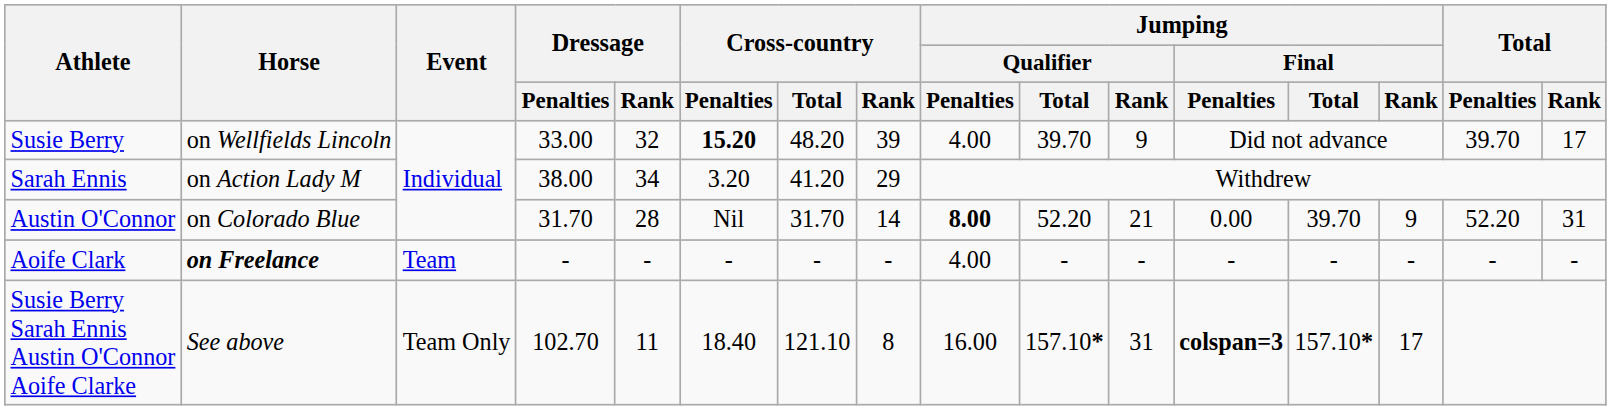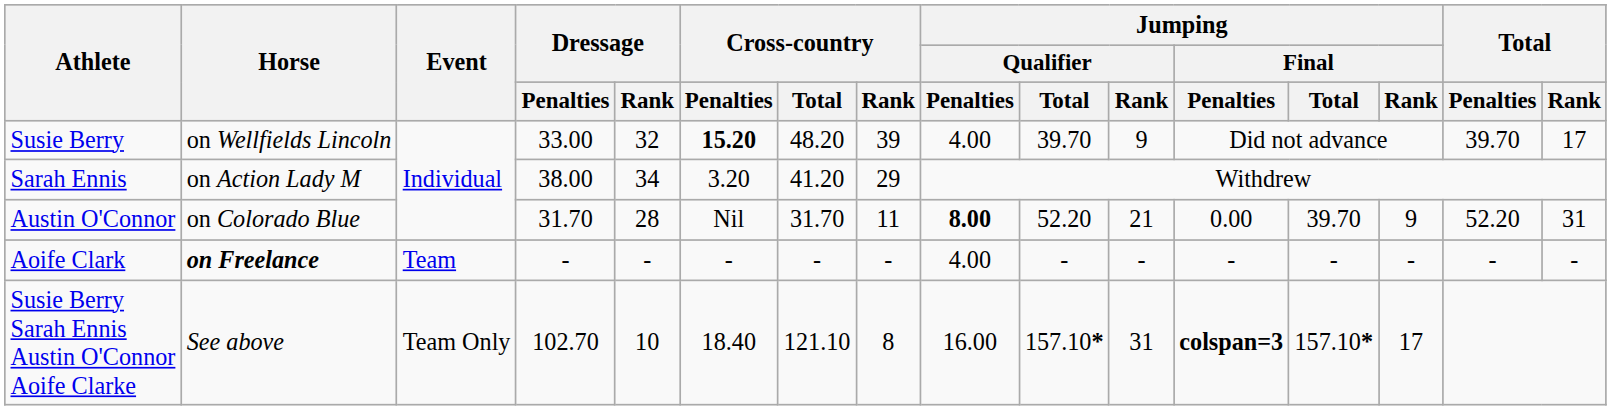 <table class=wikitable style=font-size:90%;text-align:center>
 <tr>
 <th rowspan="3">Athlete</th>
 <th rowspan="3">Horse</th>
 <th rowspan="3">Event</th>
 <th colspan="2" rowspan="2">Dressage</th>
 <th colspan="3" rowspan="2">Cross-country</th>
 <th colspan="6">Jumping</th>
 <th colspan="2" rowspan="2">Total</th>
 </tr>
 <tr style="font-size:95%">
 <th colspan="3">Qualifier</th>
 <th colspan="3">Final</th>
 </tr>
 <tr style="font-size:95%">
 <th>Penalties</th>
 <th>Rank</th>
 <th>Penalties</th>
 <th>Total</th>
 <th>Rank</th>
 <th>Penalties</th>
 <th>Total</th>
 <th>Rank</th>
 <th>Penalties</th>
 <th>Total</th>
 <th>Rank</th>
 <th>Penalties</th>
 <th>Rank</th>
 </tr>
 <tr>
 <td align=left><a href='#'>Susie Berry</a></td>
 <td align=left>on <em>Wellfields Lincoln</em></td>
 <td rowspan="3" align="left"><a href='#'>Individual</a></td>
 <td>33.00</td>
 <td>32</td>
 <td><strong>15.20</strong></td>
 <td>48.20</td>
 <td>39</td>
 <td>4.00</td>
 <td>39.70</td>
 <td>9</td>
 <td colspan=3>Did not advance</td>
 <td>39.70</td>
 <td>17</td>
 </tr>
 <tr>
 <td align=left><a href='#'>Sarah Ennis</a></td>
 <td align=left>on <em>Action Lady M</em></td>
 <td>38.00</td>
 <td>34</td>
 <td>3.20</td>
 <td>41.20</td>
 <td>29</td>
 <td colspan=8>Withdrew</td>
 </tr>
 <tr>
 <td align=left><a href='#'>Austin O'Connor</a></td>
 <td align=left>on <em>Colorado Blue</em></td>
 <td>31.70</td>
 <td>28</td>
 <td>Nil</td>
 <td>31.70</td>
-<td>14</td>
+<td>11</td>
 <td><strong>8.00</strong></td>
 <td>52.20</td>
 <td>21</td>
 <td>0.00</td>
 <td>39.70</td>
 <td>9</td>
 <td>52.20</td>
 <td>31</td>
 </tr>
 <tr>
 <td align=left><a href='#'>Aoife Clark</a></td>
 <td align=left><strong><em>on Freelance</em></strong></td>
 <td align="left"><a href='#'>Team</a></td>
 <td>-</td>
 <td>-</td>
 <td>-</td>
 <td>-</td>
 <td>-</td>
 <td>4.00</td>
 <td>-</td>
 <td>-</td>
 <td>-</td>
 <td>-</td>
 <td>-</td>
 <td>-</td>
 <td>-</td>
 </tr>
 <tr>
 <td align="left"><a href='#'>Susie Berry</a><br><a href='#'>Sarah Ennis</a><br><a href='#'>Austin O'Connor</a><br><a href='#'>Aoife Clarke</a></td>
 <td align="left"><em>See above</em></td>
 <td>Team Only</td>
 <td>102.70</td>
-<td>11</td>
+<td>10</td>
 <td>18.40</td>
 <td>121.10</td>
 <td>8</td>
 <td>16.00</td>
 <td>157.10<strong>*</strong></td>
 <td>31</td>
 <td><strong>colspan=3 </strong></td>
 <td>157.10<strong>*</strong></td>
 <td>17</td>
 </tr>
 </table>
